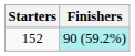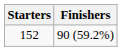 <table class="wikitable" style="font-size:85%;">
 <tr>
 <th>Starters</th>
 <th>Finishers</th>
 </tr>
 <tr>
 <td align=center>152</td>
-<td align=center style="background: paleturquoise;">90 (59.2%)</td>
+<td align=center>90 (59.2%)</td>
 </tr>
 </table>
